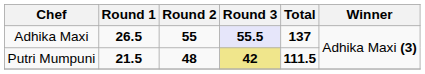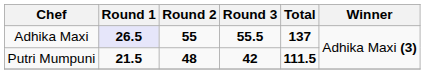 <table class="wikitable"  style="float:left; margin:auto; text-align:center;">
 <tr>
 <th>Chef</th>
 <th>Round 1</th>
 <th>Round 2</th>
 <th>Round 3</th>
 <th>Total</th>
 <th>Winner</th>
 </tr>
 <tr>
 <td>Adhika Maxi</td>
-<td><strong>26.5</strong></td>
+<td style="background: lavender;"><strong>26.5</strong></td>
 <td><strong>55</strong></td>
-<td style="background: lavender;"><strong>55.5</strong></td>
+<td><strong>55.5</strong></td>
 <td><strong>137</strong></td>
 <td rowspan=2>Adhika Maxi <strong>(3)</strong></td>
 </tr>
 <tr>
 <td>Putri Mumpuni</td>
 <td><strong>21.5</strong></td>
 <td><strong>48</strong></td>
-<td style="background: khaki;"><strong>42</strong></td>
+<td><strong>42</strong></td>
 <td><strong>111.5</strong></td>
 </tr>
 <tr>
 </tr>
 </table>
